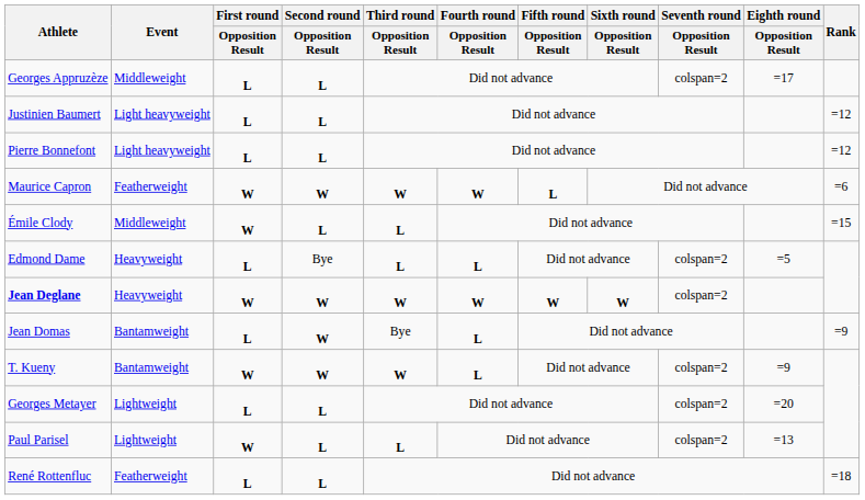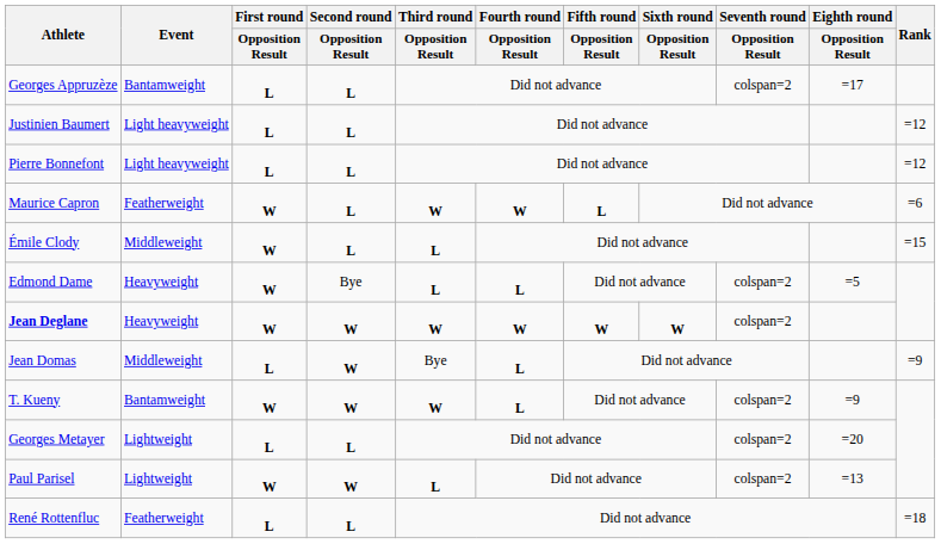 <table class="wikitable" style="font-size:90%;">
 <tr>
 <th rowspan=2>Athlete</th>
 <th rowspan=2>Event</th>
 <th>First round</th>
 <th>Second round</th>
 <th>Third round</th>
 <th>Fourth round</th>
 <th>Fifth round</th>
 <th>Sixth round</th>
 <th>Seventh round</th>
 <th>Eighth round</th>
 <th rowspan=2>Rank</th>
 </tr>
 <tr style="font-size: 95%">
 <th>Opposition<br>Result</th>
 <th>Opposition<br>Result</th>
 <th>Opposition<br>Result</th>
 <th>Opposition<br>Result</th>
 <th>Opposition<br>Result</th>
 <th>Opposition<br>Result</th>
 <th>Opposition<br>Result</th>
 <th>Opposition<br>Result</th>
 </tr>
 <tr align=center>
 <td align=left><a href='#'>Georges Appruzèze</a></td>
-<td align=left><a href='#'>Middleweight</a></td>
+<td align=left><a href='#'>Bantamweight</a></td>
 <td> <br> <strong>L</strong></td>
 <td> <br> <strong>L</strong></td>
 <td colspan=4>Did not advance</td>
 <td>colspan=2 </td>
 <td>=17</td>
 </tr>
 <tr align=center>
 <td align=left><a href='#'>Justinien Baumert</a></td>
 <td align=left><a href='#'>Light heavyweight</a></td>
 <td> <br> <strong>L</strong></td>
 <td> <br> <strong>L</strong></td>
 <td colspan=5>Did not advance</td>
 <td></td>
 <td>=12</td>
 </tr>
 <tr align=center>
 <td align=left><a href='#'>Pierre Bonnefont</a></td>
 <td align=left><a href='#'>Light heavyweight</a></td>
 <td> <br> <strong>L</strong></td>
 <td> <br> <strong>L</strong></td>
 <td colspan=5>Did not advance</td>
 <td></td>
 <td>=12</td>
 </tr>
 <tr align=center>
 <td align=left><a href='#'>Maurice Capron</a></td>
 <td align=left><a href='#'>Featherweight</a></td>
 <td> <br> <strong>W</strong></td>
-<td> <br> <strong>W</strong></td>
+<td> <br> <strong>L</strong></td>
 <td> <br> <strong>W</strong></td>
 <td> <br> <strong>W</strong></td>
 <td> <br> <strong>L</strong></td>
 <td colspan=3>Did not advance</td>
 <td>=6</td>
 </tr>
 <tr align=center>
 <td align=left><a href='#'>Émile Clody</a></td>
 <td align=left><a href='#'>Middleweight</a></td>
 <td> <br> <strong>W</strong></td>
 <td> <br> <strong>L</strong></td>
 <td> <br> <strong>L</strong></td>
 <td colspan=4>Did not advance</td>
 <td></td>
 <td>=15</td>
 </tr>
 <tr align=center>
 <td align=left><a href='#'>Edmond Dame</a></td>
 <td align=left><a href='#'>Heavyweight</a></td>
-<td> <br> <strong>L</strong></td>
+<td> <br> <strong>W</strong></td>
 <td>Bye</td>
 <td> <br> <strong>L</strong></td>
 <td> <br> <strong>L</strong></td>
 <td colspan=2>Did not advance</td>
 <td>colspan=2 </td>
 <td>=5</td>
 </tr>
 <tr align=center>
 <td align=left><strong><a href='#'>Jean Deglane</a></strong></td>
 <td align=left><a href='#'>Heavyweight</a></td>
 <td> <br> <strong>W</strong></td>
 <td> <br> <strong>W</strong></td>
 <td> <br> <strong>W</strong></td>
 <td> <br> <strong>W</strong></td>
 <td> <br> <strong>W</strong></td>
 <td> <br> <strong>W</strong></td>
 <td>colspan=2 </td>
 <td></td>
 </tr>
 <tr align=center>
 <td align=left><a href='#'>Jean Domas</a></td>
-<td align=left><a href='#'>Bantamweight</a></td>
+<td align=left><a href='#'>Middleweight</a></td>
 <td> <br> <strong>L</strong></td>
 <td> <br> <strong>W</strong></td>
 <td>Bye</td>
 <td> <br> <strong>L</strong></td>
 <td colspan=3>Did not advance</td>
 <td></td>
 <td>=9</td>
 </tr>
 <tr align=center>
 <td align=left><a href='#'>T. Kueny</a></td>
 <td align=left><a href='#'>Bantamweight</a></td>
 <td> <br> <strong>W</strong></td>
 <td> <br> <strong>W</strong></td>
 <td> <br> <strong>W</strong></td>
 <td> <br> <strong>L</strong></td>
 <td colspan=2>Did not advance</td>
 <td>colspan=2 </td>
 <td>=9</td>
 </tr>
 <tr align=center>
 <td align=left><a href='#'>Georges Metayer</a></td>
 <td align=left><a href='#'>Lightweight</a></td>
 <td> <br> <strong>L</strong></td>
 <td> <br> <strong>L</strong></td>
 <td colspan=4>Did not advance</td>
 <td>colspan=2 </td>
 <td>=20</td>
 </tr>
 <tr align=center>
 <td align=left><a href='#'>Paul Parisel</a></td>
 <td align=left><a href='#'>Lightweight</a></td>
 <td> <br> <strong>W</strong></td>
-<td> <br> <strong>L</strong></td>
+<td> <br> <strong>W</strong></td>
 <td> <br> <strong>L</strong></td>
 <td colspan=3>Did not advance</td>
 <td>colspan=2 </td>
 <td>=13</td>
 </tr>
 <tr align=center>
 <td align=left><a href='#'>René Rottenfluc</a></td>
 <td align=left><a href='#'>Featherweight</a></td>
 <td> <br> <strong>L</strong></td>
 <td> <br> <strong>L</strong></td>
 <td colspan=6>Did not advance</td>
 <td>=18</td>
 </tr>
 </table>
